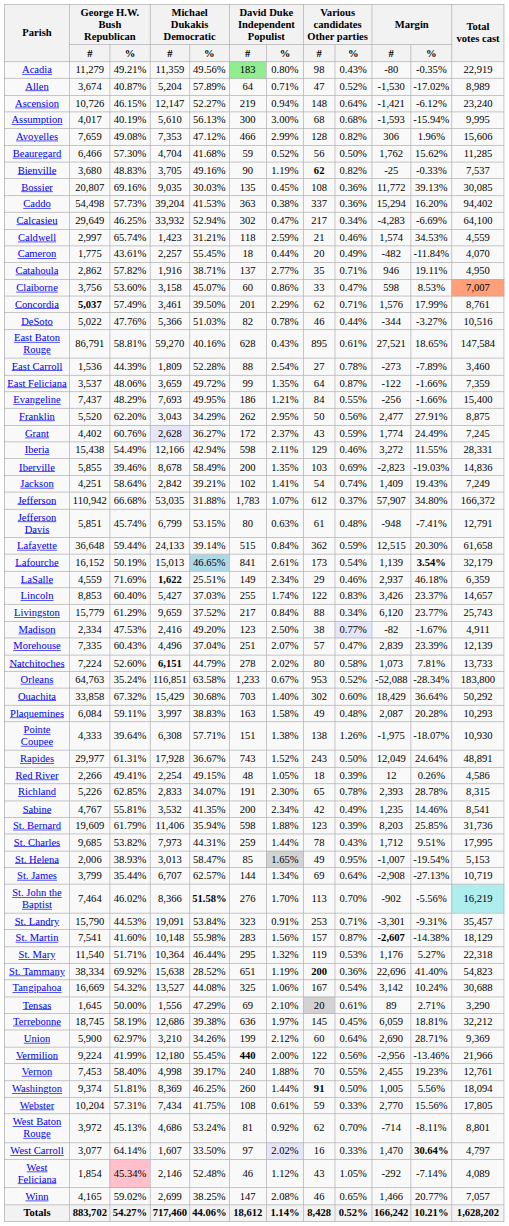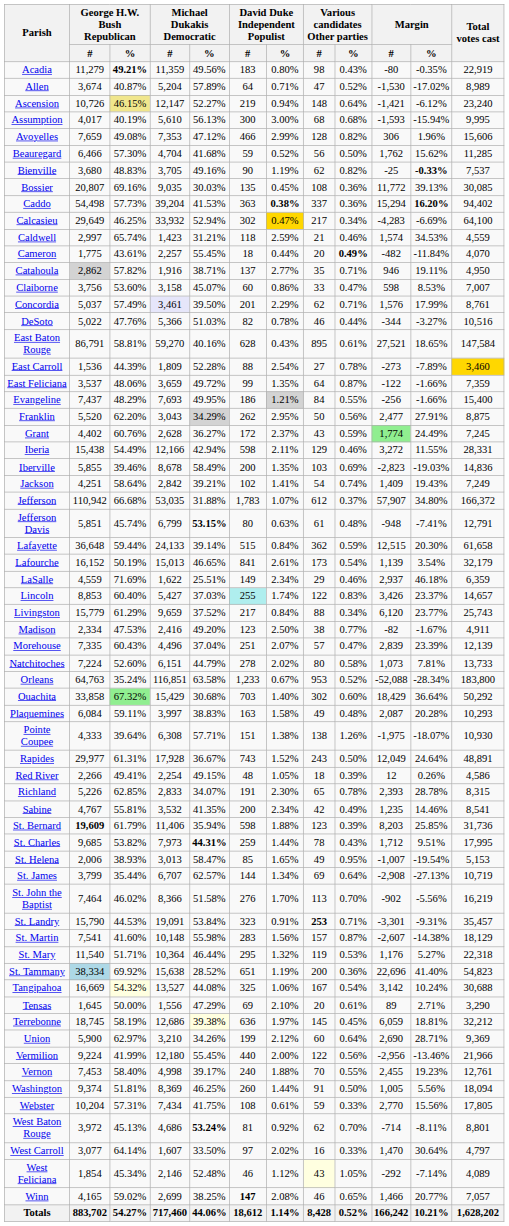 <table width="60%" class="wikitable sortable">
 <tr>
 <th rowspan="2">Parish</th>
 <th colspan="2">George H.W. Bush<br>Republican</th>
 <th colspan="2">Michael Dukakis<br>Democratic</th>
 <th colspan="2">David Duke<br>Independent Populist</th>
 <th colspan="2">Various candidates<br>Other parties</th>
 <th colspan="2">Margin</th>
 <th rowspan="2">Total votes cast</th>
 </tr>
 <tr style="text-align:center;">
 <th data-sort-type="number">#</th>
 <th data-sort-type="number">%</th>
 <th data-sort-type="number">#</th>
 <th data-sort-type="number">%</th>
 <th data-sort-type="number">#</th>
 <th data-sort-type="number">%</th>
 <th data-sort-type="number">#</th>
 <th data-sort-type="number">%</th>
 <th data-sort-type="number">#</th>
 <th data-sort-type="number">%</th>
 </tr>
 <tr style="text-align:center;">
 <td><a href='#'>Acadia</a></td>
 <td>11,279</td>
-<td>49.21%</td>
+<td><strong>49.21%</strong></td>
 <td>11,359</td>
 <td>49.56%</td>
-<td style="background: lightgreen;">183</td>
+<td>183</td>
 <td>0.80%</td>
 <td>98</td>
 <td>0.43%</td>
 <td>-80</td>
 <td>-0.35%</td>
 <td>22,919</td>
 </tr>
 <tr style="text-align:center;">
 <td><a href='#'>Allen</a></td>
 <td>3,674</td>
 <td>40.87%</td>
 <td>5,204</td>
 <td>57.89%</td>
 <td>64</td>
 <td>0.71%</td>
 <td>47</td>
 <td>0.52%</td>
 <td>-1,530</td>
 <td>-17.02%</td>
 <td>8,989</td>
 </tr>
 <tr style="text-align:center;">
 <td><a href='#'>Ascension</a></td>
 <td>10,726</td>
-<td>46.15%</td>
+<td style="background: khaki;">46.15%</td>
 <td>12,147</td>
 <td>52.27%</td>
 <td>219</td>
 <td>0.94%</td>
 <td>148</td>
 <td>0.64%</td>
 <td>-1,421</td>
 <td>-6.12%</td>
 <td>23,240</td>
 </tr>
 <tr style="text-align:center;">
 <td><a href='#'>Assumption</a></td>
 <td>4,017</td>
 <td>40.19%</td>
 <td>5,610</td>
 <td>56.13%</td>
 <td>300</td>
 <td>3.00%</td>
 <td>68</td>
 <td>0.68%</td>
 <td>-1,593</td>
 <td>-15.94%</td>
 <td>9,995</td>
 </tr>
 <tr style="text-align:center;">
 <td><a href='#'>Avoyelles</a></td>
 <td>7,659</td>
 <td>49.08%</td>
 <td>7,353</td>
 <td>47.12%</td>
 <td>466</td>
 <td>2.99%</td>
 <td>128</td>
 <td>0.82%</td>
 <td>306</td>
 <td>1.96%</td>
 <td>15,606</td>
 </tr>
 <tr style="text-align:center;">
 <td><a href='#'>Beauregard</a></td>
 <td>6,466</td>
 <td>57.30%</td>
 <td>4,704</td>
 <td>41.68%</td>
 <td>59</td>
 <td>0.52%</td>
 <td>56</td>
 <td>0.50%</td>
 <td>1,762</td>
 <td>15.62%</td>
 <td>11,285</td>
 </tr>
 <tr style="text-align:center;">
 <td><a href='#'>Bienville</a></td>
 <td>3,680</td>
 <td>48.83%</td>
 <td>3,705</td>
 <td>49.16%</td>
 <td>90</td>
 <td>1.19%</td>
-<td><strong>62</strong></td>
+<td>62</td>
 <td>0.82%</td>
 <td>-25</td>
-<td>-0.33%</td>
+<td><strong>-0.33%</strong></td>
 <td>7,537</td>
 </tr>
 <tr style="text-align:center;">
 <td><a href='#'>Bossier</a></td>
 <td>20,807</td>
 <td>69.16%</td>
 <td>9,035</td>
 <td>30.03%</td>
 <td>135</td>
 <td>0.45%</td>
 <td>108</td>
 <td>0.36%</td>
 <td>11,772</td>
 <td>39.13%</td>
 <td>30,085</td>
 </tr>
 <tr style="text-align:center;">
 <td><a href='#'>Caddo</a></td>
 <td>54,498</td>
 <td>57.73%</td>
 <td>39,204</td>
 <td>41.53%</td>
 <td>363</td>
-<td>0.38%</td>
+<td><strong>0.38%</strong></td>
 <td>337</td>
 <td>0.36%</td>
 <td>15,294</td>
-<td>16.20%</td>
+<td><strong>16.20%</strong></td>
 <td>94,402</td>
 </tr>
 <tr style="text-align:center;">
 <td><a href='#'>Calcasieu</a></td>
 <td>29,649</td>
 <td>46.25%</td>
 <td>33,932</td>
 <td>52.94%</td>
 <td>302</td>
-<td>0.47%</td>
+<td style="background: gold;">0.47%</td>
 <td>217</td>
 <td>0.34%</td>
 <td>-4,283</td>
 <td>-6.69%</td>
 <td>64,100</td>
 </tr>
 <tr style="text-align:center;">
 <td><a href='#'>Caldwell</a></td>
 <td>2,997</td>
 <td>65.74%</td>
 <td>1,423</td>
 <td>31.21%</td>
 <td>118</td>
 <td>2.59%</td>
 <td>21</td>
 <td>0.46%</td>
 <td>1,574</td>
 <td>34.53%</td>
 <td>4,559</td>
 </tr>
 <tr style="text-align:center;">
 <td><a href='#'>Cameron</a></td>
 <td>1,775</td>
 <td>43.61%</td>
 <td>2,257</td>
 <td>55.45%</td>
 <td>18</td>
 <td>0.44%</td>
 <td>20</td>
-<td>0.49%</td>
+<td><strong>0.49%</strong></td>
 <td>-482</td>
 <td>-11.84%</td>
 <td>4,070</td>
 </tr>
 <tr style="text-align:center;">
 <td><a href='#'>Catahoula</a></td>
-<td>2,862</td>
+<td style="background: lightgrey;">2,862</td>
 <td>57.82%</td>
 <td>1,916</td>
 <td>38.71%</td>
 <td>137</td>
 <td>2.77%</td>
 <td>35</td>
 <td>0.71%</td>
 <td>946</td>
 <td>19.11%</td>
 <td>4,950</td>
 </tr>
 <tr style="text-align:center;">
 <td><a href='#'>Claiborne</a></td>
 <td>3,756</td>
 <td>53.60%</td>
 <td>3,158</td>
 <td>45.07%</td>
 <td>60</td>
 <td>0.86%</td>
 <td>33</td>
 <td>0.47%</td>
 <td>598</td>
 <td>8.53%</td>
-<td style="background: lightsalmon;">7,007</td>
+<td>7,007</td>
 </tr>
 <tr style="text-align:center;">
 <td><a href='#'>Concordia</a></td>
-<td><strong>5,037</strong></td>
+<td>5,037</td>
 <td>57.49%</td>
-<td>3,461</td>
+<td style="background: lavender;">3,461</td>
 <td>39.50%</td>
 <td>201</td>
 <td>2.29%</td>
 <td>62</td>
 <td>0.71%</td>
 <td>1,576</td>
 <td>17.99%</td>
 <td>8,761</td>
 </tr>
 <tr style="text-align:center;">
 <td><a href='#'>DeSoto</a></td>
 <td>5,022</td>
 <td>47.76%</td>
 <td>5,366</td>
 <td>51.03%</td>
 <td>82</td>
 <td>0.78%</td>
 <td>46</td>
 <td>0.44%</td>
 <td>-344</td>
 <td>-3.27%</td>
 <td>10,516</td>
 </tr>
 <tr style="text-align:center;">
 <td><a href='#'>East Baton Rouge</a></td>
 <td>86,791</td>
 <td>58.81%</td>
 <td>59,270</td>
 <td>40.16%</td>
 <td>628</td>
 <td>0.43%</td>
 <td>895</td>
 <td>0.61%</td>
 <td>27,521</td>
 <td>18.65%</td>
 <td>147,584</td>
 </tr>
 <tr style="text-align:center;">
 <td><a href='#'>East Carroll</a></td>
 <td>1,536</td>
 <td>44.39%</td>
 <td>1,809</td>
 <td>52.28%</td>
 <td>88</td>
 <td>2.54%</td>
 <td>27</td>
 <td>0.78%</td>
 <td>-273</td>
 <td>-7.89%</td>
-<td>3,460</td>
+<td style="background: gold;">3,460</td>
 </tr>
 <tr style="text-align:center;">
 <td><a href='#'>East Feliciana</a></td>
 <td>3,537</td>
 <td>48.06%</td>
 <td>3,659</td>
 <td>49.72%</td>
 <td>99</td>
 <td>1.35%</td>
 <td>64</td>
 <td>0.87%</td>
 <td>-122</td>
 <td>-1.66%</td>
 <td>7,359</td>
 </tr>
 <tr style="text-align:center;">
 <td><a href='#'>Evangeline</a></td>
 <td>7,437</td>
 <td>48.29%</td>
 <td>7,693</td>
 <td>49.95%</td>
 <td>186</td>
-<td>1.21%</td>
+<td style="background: lightgrey;">1.21%</td>
 <td>84</td>
 <td>0.55%</td>
 <td>-256</td>
 <td>-1.66%</td>
 <td>15,400</td>
 </tr>
 <tr style="text-align:center;">
 <td><a href='#'>Franklin</a></td>
 <td>5,520</td>
 <td>62.20%</td>
 <td>3,043</td>
-<td>34.29%</td>
+<td style="background: lightgrey;">34.29%</td>
 <td>262</td>
 <td>2.95%</td>
 <td>50</td>
 <td>0.56%</td>
 <td>2,477</td>
 <td>27.91%</td>
 <td>8,875</td>
 </tr>
 <tr style="text-align:center;">
 <td><a href='#'>Grant</a></td>
 <td>4,402</td>
 <td>60.76%</td>
-<td style="background: lavender;">2,628</td>
+<td>2,628</td>
 <td>36.27%</td>
 <td>172</td>
 <td>2.37%</td>
 <td>43</td>
 <td>0.59%</td>
-<td>1,774</td>
+<td style="background: lightgreen;">1,774</td>
 <td>24.49%</td>
 <td>7,245</td>
 </tr>
 <tr style="text-align:center;">
 <td><a href='#'>Iberia</a></td>
 <td>15,438</td>
 <td>54.49%</td>
 <td>12,166</td>
 <td>42.94%</td>
 <td>598</td>
 <td>2.11%</td>
 <td>129</td>
 <td>0.46%</td>
 <td>3,272</td>
 <td>11.55%</td>
 <td>28,331</td>
 </tr>
 <tr style="text-align:center;">
 <td><a href='#'>Iberville</a></td>
 <td>5,855</td>
 <td>39.46%</td>
 <td>8,678</td>
 <td>58.49%</td>
 <td>200</td>
 <td>1.35%</td>
 <td>103</td>
 <td>0.69%</td>
 <td>-2,823</td>
 <td>-19.03%</td>
 <td>14,836</td>
 </tr>
 <tr style="text-align:center;">
 <td><a href='#'>Jackson</a></td>
 <td>4,251</td>
 <td>58.64%</td>
 <td>2,842</td>
 <td>39.21%</td>
 <td>102</td>
 <td>1.41%</td>
 <td>54</td>
 <td>0.74%</td>
 <td>1,409</td>
 <td>19.43%</td>
 <td>7,249</td>
 </tr>
 <tr style="text-align:center;">
 <td><a href='#'>Jefferson</a></td>
 <td>110,942</td>
 <td>66.68%</td>
 <td>53,035</td>
 <td>31.88%</td>
 <td>1,783</td>
 <td>1.07%</td>
 <td>612</td>
 <td>0.37%</td>
 <td>57,907</td>
 <td>34.80%</td>
 <td>166,372</td>
 </tr>
 <tr style="text-align:center;">
 <td><a href='#'>Jefferson Davis</a></td>
 <td>5,851</td>
 <td>45.74%</td>
 <td>6,799</td>
-<td>53.15%</td>
+<td><strong>53.15%</strong></td>
 <td>80</td>
 <td>0.63%</td>
 <td>61</td>
 <td>0.48%</td>
 <td>-948</td>
 <td>-7.41%</td>
 <td>12,791</td>
 </tr>
 <tr style="text-align:center;">
 <td><a href='#'>Lafayette</a></td>
 <td>36,648</td>
 <td>59.44%</td>
 <td>24,133</td>
 <td>39.14%</td>
 <td>515</td>
 <td>0.84%</td>
 <td>362</td>
 <td>0.59%</td>
 <td>12,515</td>
 <td>20.30%</td>
 <td>61,658</td>
 </tr>
 <tr style="text-align:center;">
 <td><a href='#'>Lafourche</a></td>
 <td>16,152</td>
 <td>50.19%</td>
 <td>15,013</td>
-<td style="background: lightblue;">46.65%</td>
+<td>46.65%</td>
 <td>841</td>
 <td>2.61%</td>
 <td>173</td>
 <td>0.54%</td>
 <td>1,139</td>
-<td><strong>3.54%</strong></td>
+<td>3.54%</td>
 <td>32,179</td>
 </tr>
 <tr style="text-align:center;">
 <td><a href='#'>LaSalle</a></td>
 <td>4,559</td>
 <td>71.69%</td>
-<td><strong>1,622</strong></td>
+<td>1,622</td>
 <td>25.51%</td>
 <td>149</td>
 <td>2.34%</td>
 <td>29</td>
 <td>0.46%</td>
 <td>2,937</td>
 <td>46.18%</td>
 <td>6,359</td>
 </tr>
 <tr style="text-align:center;">
 <td><a href='#'>Lincoln</a></td>
 <td>8,853</td>
 <td>60.40%</td>
 <td>5,427</td>
 <td>37.03%</td>
-<td>255</td>
+<td style="background: paleturquoise;">255</td>
 <td>1.74%</td>
 <td>122</td>
 <td>0.83%</td>
 <td>3,426</td>
 <td>23.37%</td>
 <td>14,657</td>
 </tr>
 <tr style="text-align:center;">
 <td><a href='#'>Livingston</a></td>
 <td>15,779</td>
 <td>61.29%</td>
 <td>9,659</td>
 <td>37.52%</td>
 <td>217</td>
 <td>0.84%</td>
 <td>88</td>
 <td>0.34%</td>
 <td>6,120</td>
 <td>23.77%</td>
 <td>25,743</td>
 </tr>
 <tr style="text-align:center;">
 <td><a href='#'>Madison</a></td>
 <td>2,334</td>
 <td>47.53%</td>
 <td>2,416</td>
 <td>49.20%</td>
 <td>123</td>
 <td>2.50%</td>
 <td>38</td>
-<td style="background: lavender;">0.77%</td>
+<td>0.77%</td>
 <td>-82</td>
 <td>-1.67%</td>
 <td>4,911</td>
 </tr>
 <tr style="text-align:center;">
 <td><a href='#'>Morehouse</a></td>
 <td>7,335</td>
 <td>60.43%</td>
 <td>4,496</td>
 <td>37.04%</td>
 <td>251</td>
 <td>2.07%</td>
 <td>57</td>
 <td>0.47%</td>
 <td>2,839</td>
 <td>23.39%</td>
 <td>12,139</td>
 </tr>
 <tr style="text-align:center;">
 <td><a href='#'>Natchitoches</a></td>
 <td>7,224</td>
 <td>52.60%</td>
-<td><strong>6,151</strong></td>
+<td>6,151</td>
 <td>44.79%</td>
 <td>278</td>
 <td>2.02%</td>
 <td>80</td>
 <td>0.58%</td>
 <td>1,073</td>
 <td>7.81%</td>
 <td>13,733</td>
 </tr>
 <tr style="text-align:center;">
 <td><a href='#'>Orleans</a></td>
 <td>64,763</td>
 <td>35.24%</td>
 <td>116,851</td>
 <td>63.58%</td>
 <td>1,233</td>
 <td>0.67%</td>
 <td>953</td>
 <td>0.52%</td>
 <td>-52,088</td>
 <td>-28.34%</td>
 <td>183,800</td>
 </tr>
 <tr style="text-align:center;">
 <td><a href='#'>Ouachita</a></td>
 <td>33,858</td>
-<td>67.32%</td>
+<td style="background: lightgreen;">67.32%</td>
 <td>15,429</td>
 <td>30.68%</td>
 <td>703</td>
 <td>1.40%</td>
 <td>302</td>
 <td>0.60%</td>
 <td>18,429</td>
 <td>36.64%</td>
 <td>50,292</td>
 </tr>
 <tr style="text-align:center;">
 <td><a href='#'>Plaquemines</a></td>
 <td>6,084</td>
 <td>59.11%</td>
 <td>3,997</td>
 <td>38.83%</td>
 <td>163</td>
 <td>1.58%</td>
 <td>49</td>
 <td>0.48%</td>
 <td>2,087</td>
 <td>20.28%</td>
 <td>10,293</td>
 </tr>
 <tr style="text-align:center;">
 <td><a href='#'>Pointe Coupee</a></td>
 <td>4,333</td>
 <td>39.64%</td>
 <td>6,308</td>
 <td>57.71%</td>
 <td>151</td>
 <td>1.38%</td>
 <td>138</td>
 <td>1.26%</td>
 <td>-1,975</td>
 <td>-18.07%</td>
 <td>10,930</td>
 </tr>
 <tr style="text-align:center;">
 <td><a href='#'>Rapides</a></td>
 <td>29,977</td>
 <td>61.31%</td>
 <td>17,928</td>
 <td>36.67%</td>
 <td>743</td>
 <td>1.52%</td>
 <td>243</td>
 <td>0.50%</td>
 <td>12,049</td>
 <td>24.64%</td>
 <td>48,891</td>
 </tr>
 <tr style="text-align:center;">
 <td><a href='#'>Red River</a></td>
 <td>2,266</td>
 <td>49.41%</td>
 <td>2,254</td>
 <td>49.15%</td>
 <td>48</td>
 <td>1.05%</td>
 <td>18</td>
 <td>0.39%</td>
 <td>12</td>
 <td>0.26%</td>
 <td>4,586</td>
 </tr>
 <tr style="text-align:center;">
 <td><a href='#'>Richland</a></td>
 <td>5,226</td>
 <td>62.85%</td>
 <td>2,833</td>
 <td>34.07%</td>
 <td>191</td>
 <td>2.30%</td>
 <td>65</td>
 <td>0.78%</td>
 <td>2,393</td>
 <td>28.78%</td>
 <td>8,315</td>
 </tr>
 <tr style="text-align:center;">
 <td><a href='#'>Sabine</a></td>
 <td>4,767</td>
 <td>55.81%</td>
 <td>3,532</td>
 <td>41.35%</td>
 <td>200</td>
 <td>2.34%</td>
 <td>42</td>
 <td>0.49%</td>
 <td>1,235</td>
 <td>14.46%</td>
 <td>8,541</td>
 </tr>
 <tr style="text-align:center;">
 <td><a href='#'>St. Bernard</a></td>
-<td>19,609</td>
+<td><strong>19,609</strong></td>
 <td>61.79%</td>
 <td>11,406</td>
 <td>35.94%</td>
 <td>598</td>
 <td>1.88%</td>
 <td>123</td>
 <td>0.39%</td>
 <td>8,203</td>
 <td>25.85%</td>
 <td>31,736</td>
 </tr>
 <tr style="text-align:center;">
 <td><a href='#'>St. Charles</a></td>
 <td>9,685</td>
 <td>53.82%</td>
 <td>7,973</td>
-<td>44.31%</td>
+<td><strong>44.31%</strong></td>
 <td>259</td>
 <td>1.44%</td>
 <td>78</td>
 <td>0.43%</td>
 <td>1,712</td>
 <td>9.51%</td>
 <td>17,995</td>
 </tr>
 <tr style="text-align:center;">
 <td><a href='#'>St. Helena</a></td>
 <td>2,006</td>
 <td>38.93%</td>
 <td>3,013</td>
 <td>58.47%</td>
 <td>85</td>
-<td style="background: lightgrey;">1.65%</td>
+<td>1.65%</td>
 <td>49</td>
 <td>0.95%</td>
 <td>-1,007</td>
 <td>-19.54%</td>
 <td>5,153</td>
 </tr>
 <tr style="text-align:center;">
 <td><a href='#'>St. James</a></td>
 <td>3,799</td>
 <td>35.44%</td>
 <td>6,707</td>
 <td>62.57%</td>
 <td>144</td>
 <td>1.34%</td>
 <td>69</td>
 <td>0.64%</td>
 <td>-2,908</td>
 <td>-27.13%</td>
 <td>10,719</td>
 </tr>
 <tr style="text-align:center;">
 <td><a href='#'>St. John the Baptist</a></td>
 <td>7,464</td>
 <td>46.02%</td>
 <td>8,366</td>
-<td><strong>51.58%</strong></td>
+<td>51.58%</td>
 <td>276</td>
 <td>1.70%</td>
 <td>113</td>
 <td>0.70%</td>
 <td>-902</td>
 <td>-5.56%</td>
-<td style="background: paleturquoise;">16,219</td>
+<td>16,219</td>
 </tr>
 <tr style="text-align:center;">
 <td><a href='#'>St. Landry</a></td>
 <td>15,790</td>
 <td>44.53%</td>
 <td>19,091</td>
 <td>53.84%</td>
 <td>323</td>
 <td>0.91%</td>
-<td>253</td>
+<td><strong>253</strong></td>
 <td>0.71%</td>
 <td>-3,301</td>
 <td>-9.31%</td>
 <td>35,457</td>
 </tr>
 <tr style="text-align:center;">
 <td><a href='#'>St. Martin</a></td>
 <td>7,541</td>
 <td>41.60%</td>
 <td>10,148</td>
 <td>55.98%</td>
 <td>283</td>
 <td>1.56%</td>
 <td>157</td>
 <td>0.87%</td>
-<td><strong>-2,607</strong></td>
+<td>-2,607</td>
 <td>-14.38%</td>
 <td>18,129</td>
 </tr>
 <tr style="text-align:center;">
 <td><a href='#'>St. Mary</a></td>
 <td>11,540</td>
 <td>51.71%</td>
 <td>10,364</td>
 <td>46.44%</td>
 <td>295</td>
 <td>1.32%</td>
 <td>119</td>
 <td>0.53%</td>
 <td>1,176</td>
 <td>5.27%</td>
 <td>22,318</td>
 </tr>
 <tr style="text-align:center;">
 <td><a href='#'>St. Tammany</a></td>
-<td>38,334</td>
+<td style="background: lightblue;">38,334</td>
 <td>69.92%</td>
 <td>15,638</td>
 <td>28.52%</td>
 <td>651</td>
 <td>1.19%</td>
-<td><strong>200</strong></td>
+<td>200</td>
 <td>0.36%</td>
 <td>22,696</td>
 <td>41.40%</td>
 <td>54,823</td>
 </tr>
 <tr style="text-align:center;">
 <td><a href='#'>Tangipahoa</a></td>
 <td>16,669</td>
-<td>54.32%</td>
+<td style="background: lightyellow;">54.32%</td>
 <td>13,527</td>
 <td>44.08%</td>
 <td>325</td>
 <td>1.06%</td>
 <td>167</td>
 <td>0.54%</td>
 <td>3,142</td>
 <td>10.24%</td>
 <td>30,688</td>
 </tr>
 <tr style="text-align:center;">
 <td><a href='#'>Tensas</a></td>
 <td>1,645</td>
 <td>50.00%</td>
 <td>1,556</td>
 <td>47.29%</td>
 <td>69</td>
 <td>2.10%</td>
-<td style="background: lightgrey;">20</td>
+<td>20</td>
 <td>0.61%</td>
 <td>89</td>
 <td>2.71%</td>
 <td>3,290</td>
 </tr>
 <tr style="text-align:center;">
 <td><a href='#'>Terrebonne</a></td>
 <td>18,745</td>
 <td>58.19%</td>
 <td>12,686</td>
-<td>39.38%</td>
+<td style="background: lightyellow;">39.38%</td>
 <td>636</td>
 <td>1.97%</td>
 <td>145</td>
 <td>0.45%</td>
 <td>6,059</td>
 <td>18.81%</td>
 <td>32,212</td>
 </tr>
 <tr style="text-align:center;">
 <td><a href='#'>Union</a></td>
 <td>5,900</td>
 <td>62.97%</td>
 <td>3,210</td>
 <td>34.26%</td>
 <td>199</td>
 <td>2.12%</td>
 <td>60</td>
 <td>0.64%</td>
 <td>2,690</td>
 <td>28.71%</td>
 <td>9,369</td>
 </tr>
 <tr style="text-align:center;">
 <td><a href='#'>Vermilion</a></td>
 <td>9,224</td>
 <td>41.99%</td>
 <td>12,180</td>
 <td>55.45%</td>
-<td><strong>440</strong></td>
+<td>440</td>
 <td>2.00%</td>
 <td>122</td>
 <td>0.56%</td>
 <td>-2,956</td>
 <td>-13.46%</td>
 <td>21,966</td>
 </tr>
 <tr style="text-align:center;">
 <td><a href='#'>Vernon</a></td>
 <td>7,453</td>
 <td>58.40%</td>
 <td>4,998</td>
 <td>39.17%</td>
 <td>240</td>
 <td>1.88%</td>
 <td>70</td>
 <td>0.55%</td>
 <td>2,455</td>
 <td>19.23%</td>
 <td>12,761</td>
 </tr>
 <tr style="text-align:center;">
 <td><a href='#'>Washington</a></td>
 <td>9,374</td>
 <td>51.81%</td>
 <td>8,369</td>
 <td>46.25%</td>
 <td>260</td>
 <td>1.44%</td>
-<td><strong>91</strong></td>
+<td>91</td>
 <td>0.50%</td>
 <td>1,005</td>
 <td>5.56%</td>
 <td>18,094</td>
 </tr>
 <tr style="text-align:center;">
 <td><a href='#'>Webster</a></td>
 <td>10,204</td>
 <td>57.31%</td>
 <td>7,434</td>
 <td>41.75%</td>
 <td>108</td>
 <td>0.61%</td>
 <td>59</td>
 <td>0.33%</td>
 <td>2,770</td>
 <td>15.56%</td>
 <td>17,805</td>
 </tr>
 <tr style="text-align:center;">
 <td><a href='#'>West Baton Rouge</a></td>
 <td>3,972</td>
 <td>45.13%</td>
 <td>4,686</td>
-<td>53.24%</td>
+<td><strong>53.24%</strong></td>
 <td>81</td>
 <td>0.92%</td>
 <td>62</td>
 <td>0.70%</td>
 <td>-714</td>
 <td>-8.11%</td>
 <td>8,801</td>
 </tr>
 <tr style="text-align:center;">
 <td><a href='#'>West Carroll</a></td>
 <td>3,077</td>
 <td>64.14%</td>
 <td>1,607</td>
 <td>33.50%</td>
 <td>97</td>
-<td style="background: lavender;">2.02%</td>
+<td>2.02%</td>
 <td>16</td>
 <td>0.33%</td>
 <td>1,470</td>
-<td><strong>30.64%</strong></td>
+<td>30.64%</td>
 <td>4,797</td>
 </tr>
 <tr style="text-align:center;">
 <td><a href='#'>West Feliciana</a></td>
 <td>1,854</td>
-<td style="background: pink;">45.34%</td>
+<td>45.34%</td>
 <td>2,146</td>
 <td>52.48%</td>
 <td>46</td>
 <td>1.12%</td>
-<td>43</td>
+<td style="background: lightyellow;">43</td>
 <td>1.05%</td>
 <td>-292</td>
 <td>-7.14%</td>
 <td>4,089</td>
 </tr>
 <tr style="text-align:center;">
 <td><a href='#'>Winn</a></td>
 <td>4,165</td>
 <td>59.02%</td>
 <td>2,699</td>
 <td>38.25%</td>
-<td>147</td>
+<td><strong>147</strong></td>
 <td>2.08%</td>
 <td>46</td>
 <td>0.65%</td>
 <td>1,466</td>
 <td>20.77%</td>
 <td>7,057</td>
 </tr>
 <tr style="text-align:center;">
 <th>Totals</th>
 <th>883,702</th>
 <th>54.27%</th>
 <th>717,460</th>
 <th>44.06%</th>
 <th>18,612</th>
 <th>1.14%</th>
 <th>8,428</th>
 <th>0.52%</th>
 <th>166,242</th>
 <th>10.21%</th>
 <th>1,628,202</th>
 </tr>
 </table>
